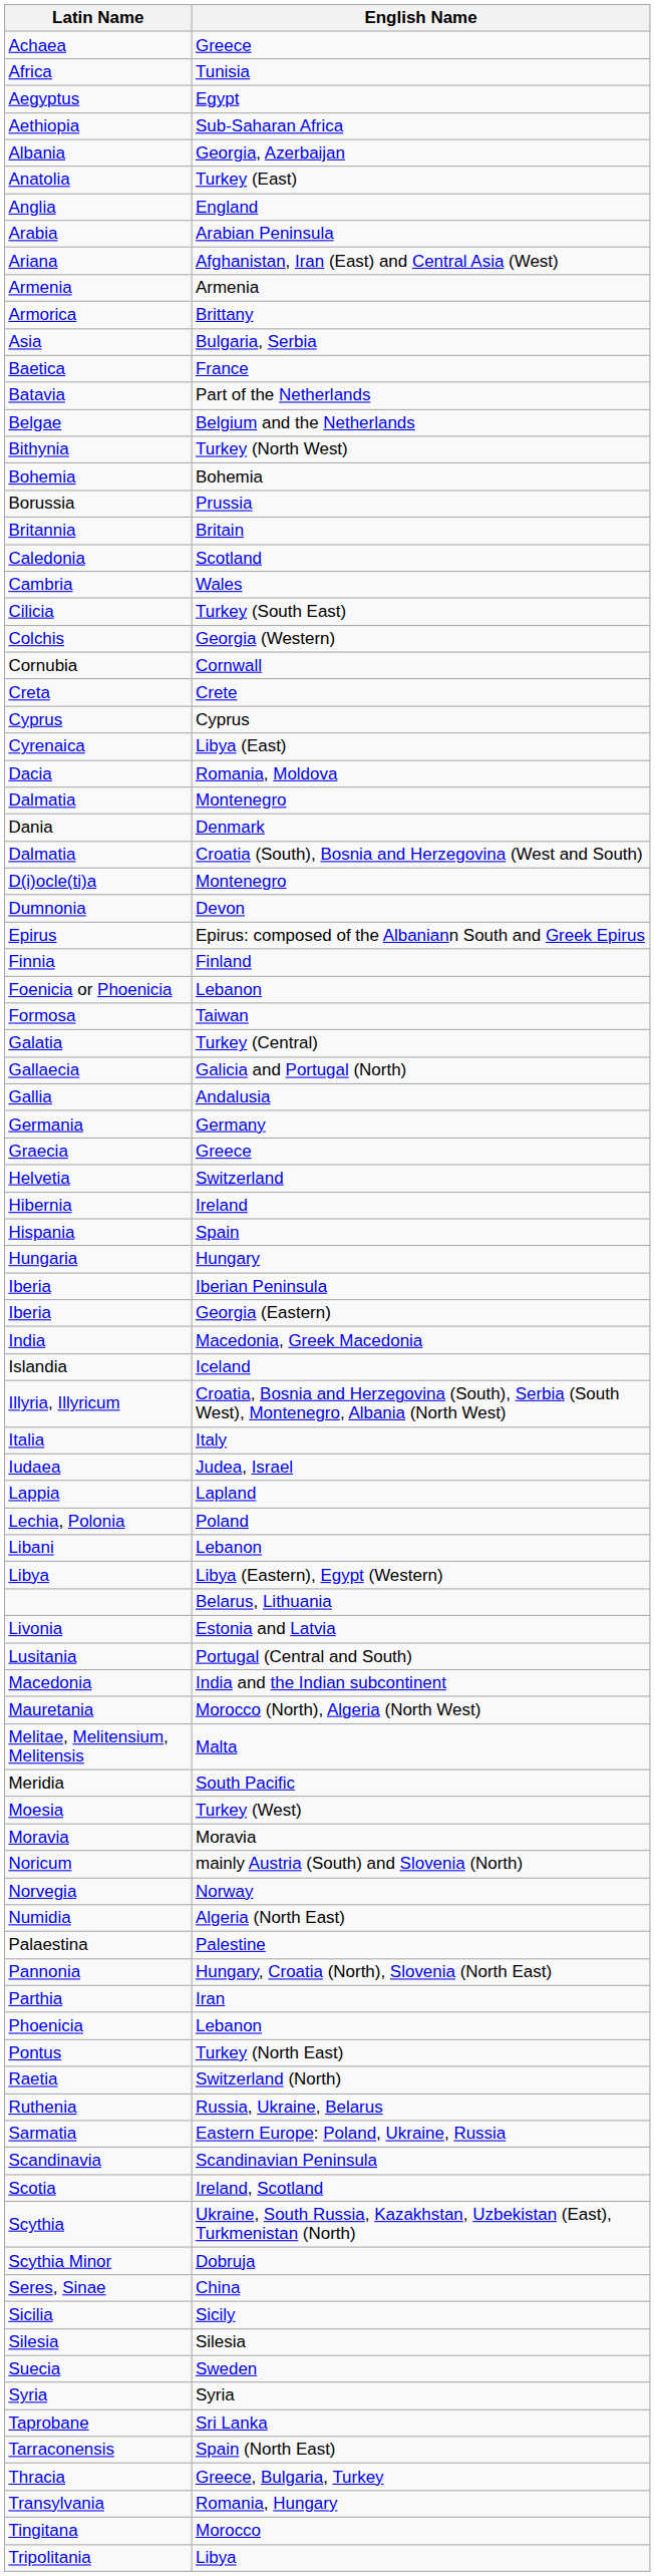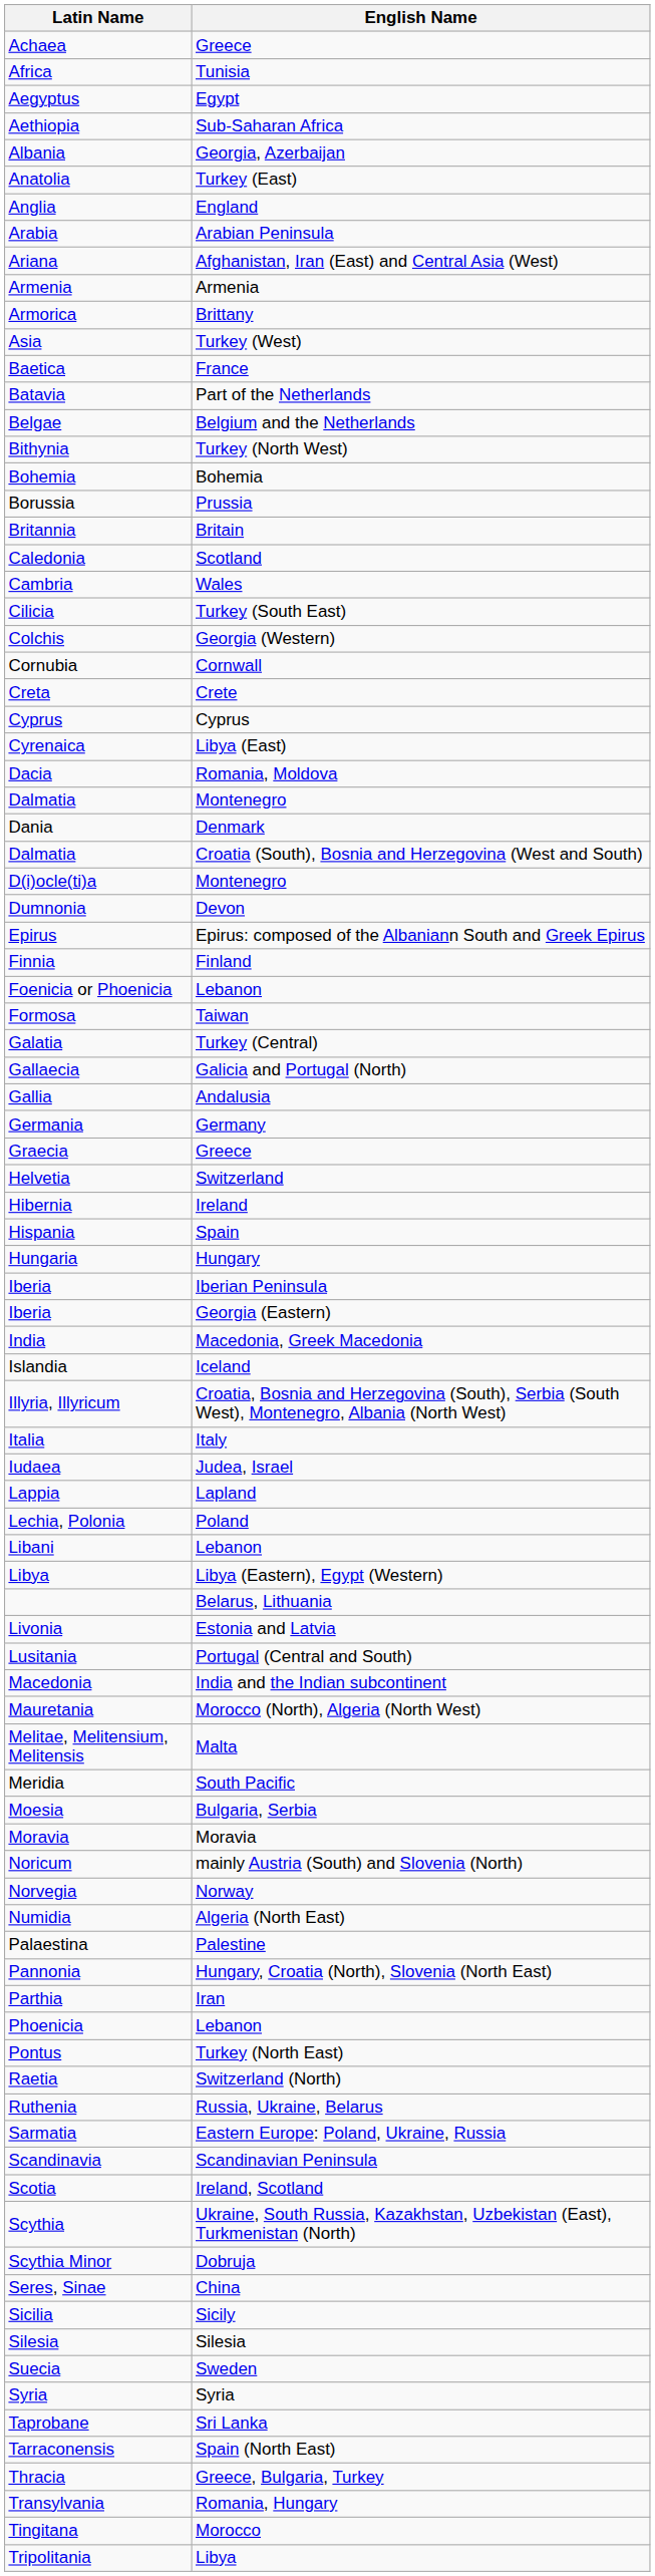 <table class="wikitable sortable">
 <tr>
 <th>Latin Name</th>
 <th>English Name</th>
 </tr>
 <tr>
 <td><a href='#'>Achaea</a></td>
 <td><a href='#'>Greece</a></td>
 </tr>
 <tr>
 <td><a href='#'>Africa</a></td>
 <td><a href='#'>Tunisia</a></td>
 </tr>
 <tr>
 <td><a href='#'>Aegyptus</a></td>
 <td><a href='#'>Egypt</a></td>
 </tr>
 <tr>
 <td><a href='#'>Aethiopia</a></td>
 <td><a href='#'>Sub-Saharan Africa</a></td>
 </tr>
 <tr>
 <td><a href='#'>Albania</a></td>
 <td><a href='#'>Georgia</a>, <a href='#'>Azerbaijan</a></td>
 </tr>
 <tr>
 <td><a href='#'>Anatolia</a></td>
 <td><a href='#'>Turkey</a> (East)</td>
 </tr>
 <tr>
 <td><a href='#'>Anglia</a></td>
 <td><a href='#'>England</a></td>
 </tr>
 <tr>
 <td><a href='#'>Arabia</a></td>
 <td><a href='#'>Arabian Peninsula</a></td>
 </tr>
 <tr>
 <td><a href='#'>Ariana</a></td>
 <td><a href='#'>Afghanistan</a>, <a href='#'>Iran</a> (East) and <a href='#'>Central Asia</a> (West)</td>
 </tr>
 <tr>
 <td><a href='#'>Armenia</a></td>
 <td>Armenia</td>
 </tr>
 <tr>
 <td><a href='#'>Armorica</a></td>
 <td><a href='#'>Brittany</a></td>
 </tr>
 <tr>
 <td><a href='#'>Asia</a></td>
-<td><a href='#'>Bulgaria</a>, <a href='#'>Serbia</a></td>
+<td><a href='#'>Turkey</a> (West)</td>
 </tr>
 <tr>
 <td><a href='#'>Baetica</a></td>
 <td><a href='#'>France</a></td>
 </tr>
 <tr>
 <td><a href='#'>Batavia</a></td>
 <td>Part of the <a href='#'>Netherlands</a></td>
 </tr>
 <tr>
 <td><a href='#'>Belgae</a></td>
 <td><a href='#'>Belgium</a> and the <a href='#'>Netherlands</a></td>
 </tr>
 <tr>
 <td><a href='#'>Bithynia</a></td>
 <td><a href='#'>Turkey</a> (North West)</td>
 </tr>
 <tr>
 <td><a href='#'>Bohemia</a></td>
 <td>Bohemia</td>
 </tr>
 <tr>
 <td>Borussia</td>
 <td><a href='#'>Prussia</a></td>
 </tr>
 <tr>
 <td><a href='#'>Britannia</a></td>
 <td><a href='#'>Britain</a></td>
 </tr>
 <tr>
 <td><a href='#'>Caledonia</a></td>
 <td><a href='#'>Scotland</a></td>
 </tr>
 <tr>
 <td><a href='#'>Cambria</a></td>
 <td><a href='#'>Wales</a></td>
 </tr>
 <tr>
 <td><a href='#'>Cilicia</a></td>
 <td><a href='#'>Turkey</a> (South East)</td>
 </tr>
 <tr>
 <td><a href='#'>Colchis</a></td>
 <td><a href='#'>Georgia</a> (Western)</td>
 </tr>
 <tr>
 <td>Cornubia</td>
 <td><a href='#'>Cornwall</a></td>
 </tr>
 <tr>
 <td><a href='#'>Creta</a></td>
 <td><a href='#'>Crete</a></td>
 </tr>
 <tr>
 <td><a href='#'>Cyprus</a></td>
 <td>Cyprus</td>
 </tr>
 <tr>
 <td><a href='#'>Cyrenaica</a></td>
 <td><a href='#'>Libya</a> (East)</td>
 </tr>
 <tr>
 <td><a href='#'>Dacia</a></td>
 <td><a href='#'>Romania</a>, <a href='#'>Moldova</a></td>
 </tr>
 <tr>
 <td><a href='#'>Dalmatia</a></td>
 <td><a href='#'>Montenegro</a></td>
 </tr>
 <tr>
 <td>Dania</td>
 <td><a href='#'>Denmark</a></td>
 </tr>
 <tr>
 <td><a href='#'>Dalmatia</a></td>
 <td><a href='#'>Croatia</a> (South), <a href='#'>Bosnia and Herzegovina</a> (West and South)</td>
 </tr>
 <tr>
 <td><a href='#'>D(i)ocle(ti)a</a></td>
 <td><a href='#'>Montenegro</a></td>
 </tr>
 <tr>
 <td><a href='#'>Dumnonia</a></td>
 <td><a href='#'>Devon</a></td>
 </tr>
 <tr>
 <td><a href='#'>Epirus</a></td>
 <td>Epirus: composed of the <a href='#'>Albanian</a>n South and <a href='#'>Greek Epirus</a></td>
 </tr>
 <tr>
 <td><a href='#'>Finnia</a></td>
 <td><a href='#'>Finland</a></td>
 </tr>
 <tr>
 <td><a href='#'>Foenicia</a> or <a href='#'>Phoenicia</a></td>
 <td><a href='#'>Lebanon</a></td>
 </tr>
 <tr>
 <td><a href='#'>Formosa</a></td>
 <td><a href='#'>Taiwan</a></td>
 </tr>
 <tr>
 <td><a href='#'>Galatia</a></td>
 <td><a href='#'>Turkey</a> (Central)</td>
 </tr>
 <tr>
 <td><a href='#'>Gallaecia</a></td>
 <td><a href='#'>Galicia</a> and <a href='#'>Portugal</a> (North)</td>
 </tr>
 <tr>
 <td><a href='#'>Gallia</a></td>
 <td><a href='#'>Andalusia</a></td>
 </tr>
 <tr>
 <td><a href='#'>Germania</a></td>
 <td><a href='#'>Germany</a></td>
 </tr>
 <tr>
 <td><a href='#'>Graecia</a></td>
 <td><a href='#'>Greece</a></td>
 </tr>
 <tr>
 <td><a href='#'>Helvetia</a></td>
 <td><a href='#'>Switzerland</a></td>
 </tr>
 <tr>
 <td><a href='#'>Hibernia</a></td>
 <td><a href='#'>Ireland</a></td>
 </tr>
 <tr>
 <td><a href='#'>Hispania</a></td>
 <td><a href='#'>Spain</a></td>
 </tr>
 <tr>
 <td><a href='#'>Hungaria</a></td>
 <td><a href='#'>Hungary</a></td>
 </tr>
 <tr>
 <td><a href='#'>Iberia</a></td>
 <td><a href='#'>Iberian Peninsula</a></td>
 </tr>
 <tr>
 <td><a href='#'>Iberia</a></td>
 <td><a href='#'>Georgia</a> (Eastern)</td>
 </tr>
 <tr>
 <td><a href='#'>India</a></td>
 <td><a href='#'>Macedonia</a>, <a href='#'>Greek Macedonia</a></td>
 </tr>
 <tr>
 <td>Islandia</td>
 <td><a href='#'>Iceland</a></td>
 </tr>
 <tr>
 <td><a href='#'>Illyria</a>, <a href='#'>Illyricum</a></td>
 <td><a href='#'>Croatia</a>, <a href='#'>Bosnia and Herzegovina</a> (South), <a href='#'>Serbia</a> (South West), <a href='#'>Montenegro</a>, <a href='#'>Albania</a> (North West)</td>
 </tr>
 <tr>
 <td><a href='#'>Italia</a></td>
 <td><a href='#'>Italy</a></td>
 </tr>
 <tr>
 <td><a href='#'>Iudaea</a></td>
 <td><a href='#'>Judea</a>, <a href='#'>Israel</a></td>
 </tr>
 <tr>
 <td><a href='#'>Lappia</a></td>
 <td><a href='#'>Lapland</a></td>
 </tr>
 <tr>
 <td><a href='#'>Lechia</a>, <a href='#'>Polonia</a></td>
 <td><a href='#'>Poland</a></td>
 </tr>
 <tr>
 <td><a href='#'>Libani</a></td>
 <td><a href='#'>Lebanon</a></td>
 </tr>
 <tr>
 <td><a href='#'>Libya</a></td>
 <td><a href='#'>Libya</a> (Eastern), <a href='#'>Egypt</a> (Western)</td>
 </tr>
 <tr>
 <td></td>
 <td><a href='#'>Belarus</a>, <a href='#'>Lithuania</a></td>
 </tr>
 <tr>
 <td><a href='#'>Livonia</a></td>
 <td><a href='#'>Estonia</a> and <a href='#'>Latvia</a></td>
 </tr>
 <tr>
 <td><a href='#'>Lusitania</a></td>
 <td><a href='#'>Portugal</a> (Central and South)</td>
 </tr>
 <tr>
 <td><a href='#'>Macedonia</a></td>
 <td><a href='#'>India</a> and <a href='#'>the Indian subcontinent</a></td>
 </tr>
 <tr>
 <td><a href='#'>Mauretania</a></td>
 <td><a href='#'>Morocco</a> (North), <a href='#'>Algeria</a> (North West)</td>
 </tr>
 <tr>
 <td><a href='#'>Melitae</a>, <a href='#'>Melitensium</a>, <a href='#'>Melitensis</a></td>
 <td><a href='#'>Malta</a></td>
 </tr>
 <tr>
 <td>Meridia</td>
 <td><a href='#'>South Pacific</a></td>
 </tr>
 <tr | Mesopotamia || >
 <td><a href='#'>Moesia</a></td>
-<td><a href='#'>Turkey</a> (West)</td>
+<td><a href='#'>Bulgaria</a>, <a href='#'>Serbia</a></td>
 </tr>
 <tr>
 <td><a href='#'>Moravia</a></td>
 <td>Moravia</td>
 </tr>
 <tr>
 <td><a href='#'>Noricum</a></td>
 <td>mainly <a href='#'>Austria</a> (South) and <a href='#'>Slovenia</a> (North)</td>
 </tr>
 <tr>
 <td><a href='#'>Norvegia</a></td>
 <td><a href='#'>Norway</a></td>
 </tr>
 <tr>
 <td><a href='#'>Numidia</a></td>
 <td><a href='#'>Algeria</a> (North East)</td>
 </tr>
 <tr>
 <td>Palaestina</td>
 <td><a href='#'>Palestine</a></td>
 </tr>
 <tr>
 <td><a href='#'>Pannonia</a></td>
 <td><a href='#'>Hungary</a>, <a href='#'>Croatia</a> (North), <a href='#'>Slovenia</a> (North East)</td>
 </tr>
 <tr>
 <td><a href='#'>Parthia</a></td>
 <td><a href='#'>Iran</a></td>
 </tr>
 <tr>
 <td><a href='#'>Phoenicia</a></td>
 <td><a href='#'>Lebanon</a></td>
 </tr>
 <tr>
 <td><a href='#'>Pontus</a></td>
 <td><a href='#'>Turkey</a> (North East)</td>
 </tr>
 <tr>
 <td><a href='#'>Raetia</a></td>
 <td><a href='#'>Switzerland</a> (North)</td>
 </tr>
 <tr>
 <td><a href='#'>Ruthenia</a></td>
 <td><a href='#'>Russia</a>, <a href='#'>Ukraine</a>, <a href='#'>Belarus</a></td>
 </tr>
 <tr>
 <td><a href='#'>Sarmatia</a></td>
 <td><a href='#'>Eastern Europe</a>: <a href='#'>Poland</a>, <a href='#'>Ukraine</a>, <a href='#'>Russia</a></td>
 </tr>
 <tr>
 <td><a href='#'>Scandinavia</a></td>
 <td><a href='#'>Scandinavian Peninsula</a></td>
 </tr>
 <tr>
 <td><a href='#'>Scotia</a></td>
 <td><a href='#'>Ireland</a>, <a href='#'>Scotland</a></td>
 </tr>
 <tr>
 <td><a href='#'>Scythia</a></td>
 <td><a href='#'>Ukraine</a>, <a href='#'>South Russia</a>, <a href='#'>Kazakhstan</a>, <a href='#'>Uzbekistan</a> (East), <a href='#'>Turkmenistan</a> (North)</td>
 </tr>
 <tr>
 <td><a href='#'>Scythia Minor</a></td>
 <td><a href='#'>Dobruja</a></td>
 </tr>
 <tr>
 <td><a href='#'>Seres</a>, <a href='#'>Sinae</a></td>
 <td><a href='#'>China</a></td>
 </tr>
 <tr>
 <td><a href='#'>Sicilia</a></td>
 <td><a href='#'>Sicily</a></td>
 </tr>
 <tr>
 <td><a href='#'>Silesia</a></td>
 <td>Silesia</td>
 </tr>
 <tr>
 <td><a href='#'>Suecia</a></td>
 <td><a href='#'>Sweden</a></td>
 </tr>
 <tr>
 <td><a href='#'>Syria</a></td>
 <td>Syria</td>
 </tr>
 <tr>
 <td><a href='#'>Taprobane</a></td>
 <td><a href='#'>Sri Lanka</a></td>
 </tr>
 <tr>
 <td><a href='#'>Tarraconensis</a></td>
 <td><a href='#'>Spain</a> (North East)</td>
 </tr>
 <tr>
 <td><a href='#'>Thracia</a></td>
 <td><a href='#'>Greece</a>, <a href='#'>Bulgaria</a>, <a href='#'>Turkey</a></td>
 </tr>
 <tr>
 <td><a href='#'>Transylvania</a></td>
 <td><a href='#'>Romania</a>, <a href='#'>Hungary</a></td>
 </tr>
 <tr>
 <td><a href='#'>Tingitana</a></td>
 <td><a href='#'>Morocco</a></td>
 </tr>
 <tr>
 <td><a href='#'>Tripolitania</a></td>
 <td><a href='#'>Libya</a></td>
 </tr>
 </table>
